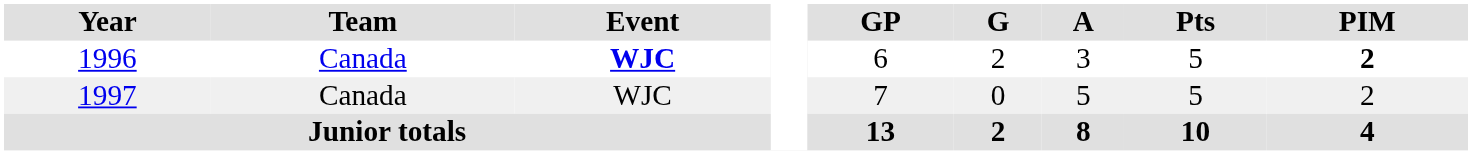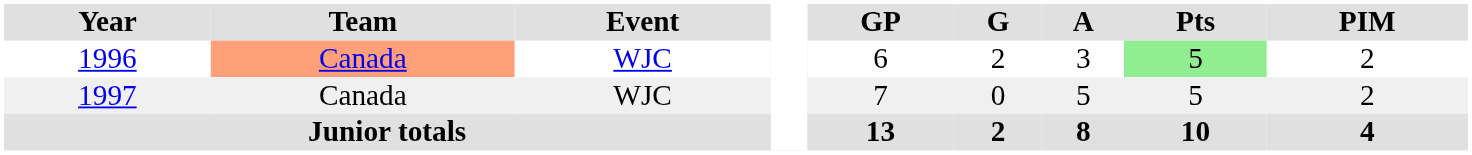 <table border="0" cellpadding="1" cellspacing="0" style="text-align:center; width:50em">
 <tr ALIGN="center" bgcolor="#e0e0e0">
 <th>Year</th>
 <th>Team</th>
 <th>Event</th>
 <th ALIGN="center" rowspan="99" bgcolor="#ffffff"> </th>
 <th>GP</th>
 <th>G</th>
 <th>A</th>
 <th>Pts</th>
 <th>PIM</th>
 </tr>
 <tr>
 <td><a href='#'>1996</a></td>
-<td><a href='#'>Canada</a></td>
-<td><strong><a href='#'>WJC</a></strong></td>
+<td style="background: lightsalmon;"><a href='#'>Canada</a></td>
+<td><a href='#'>WJC</a></td>
 <td>6</td>
 <td>2</td>
 <td>3</td>
-<td>5</td>
-<td><strong>2</strong></td>
+<td style="background: lightgreen;">5</td>
+<td>2</td>
 </tr>
 <tr bgcolor="#f0f0f0">
 <td><a href='#'>1997</a></td>
 <td>Canada</td>
 <td>WJC</td>
 <td>7</td>
 <td>0</td>
 <td>5</td>
 <td>5</td>
 <td>2</td>
 </tr>
 <tr bgcolor="#e0e0e0">
 <th colspan="3">Junior totals</th>
 <th>13</th>
 <th>2</th>
 <th>8</th>
 <th>10</th>
 <th>4</th>
 </tr>
 </table>
